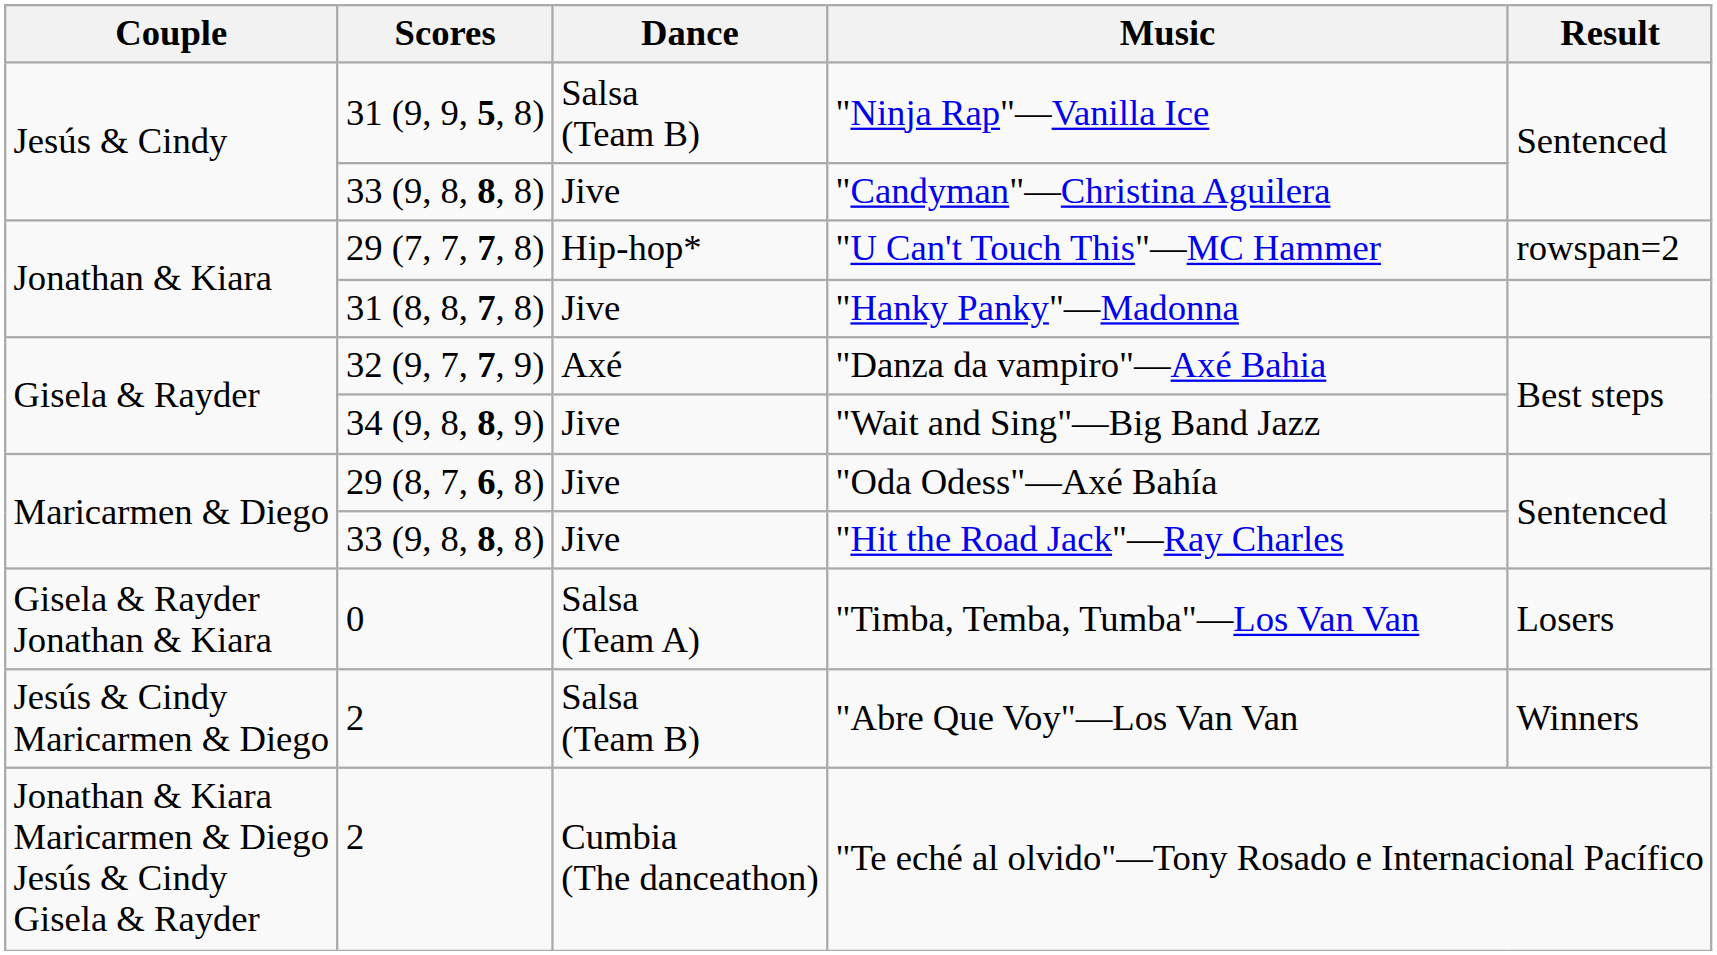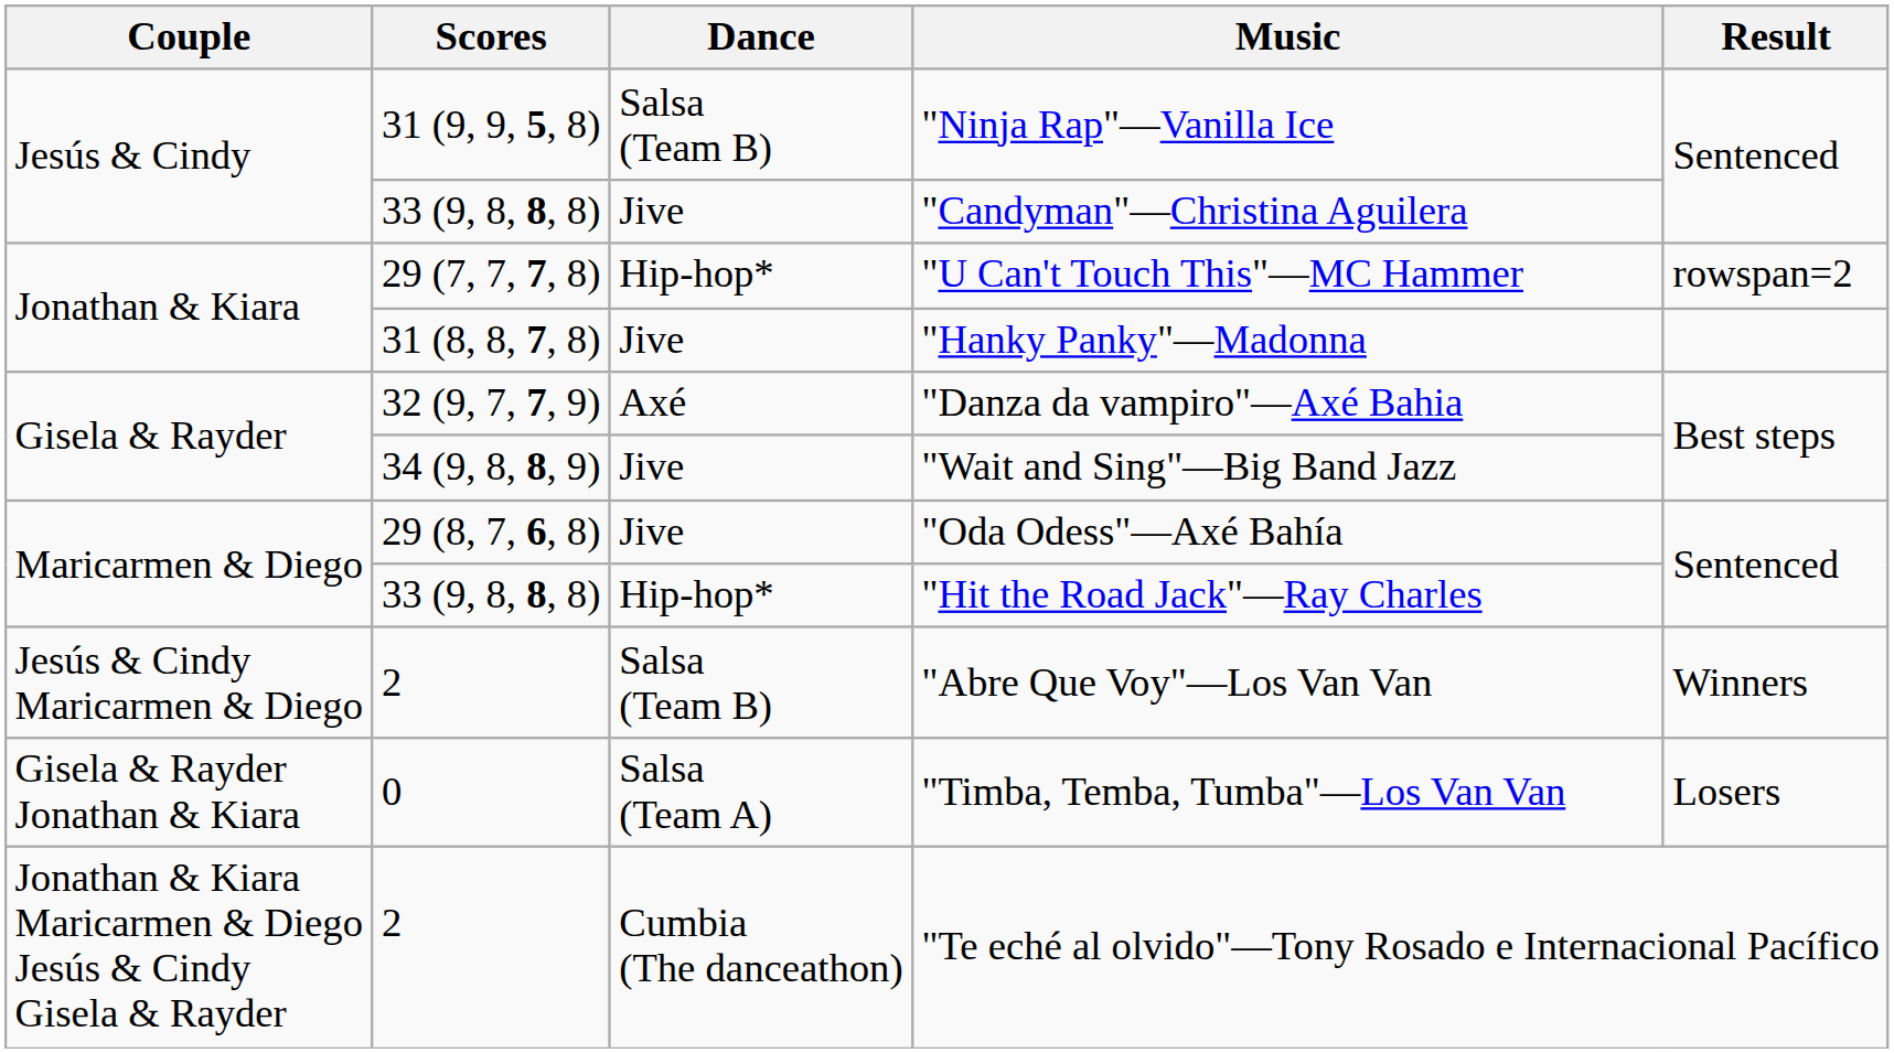 <table class="wikitable sortable" style="width:95%; white-space:nowrap">
 <tr>
 <th style="width:15%;">Couple</th>
 <th style="width:14%;">Scores</th>
 <th style="width:14%;">Dance</th>
 <th style="width:40%;">Music</th>
 <th style="width:12%;">Result</th>
 </tr>
 <tr>
 <td rowspan=2>Jesús & Cindy</td>
 <td>31 (9, 9, <strong>5</strong>, 8)</td>
 <td>Salsa<br>(Team B)</td>
 <td>"<a href='#'>Ninja Rap</a>"—<a href='#'>Vanilla Ice</a></td>
 <td rowspan=2>Sentenced</td>
 </tr>
 <tr>
 <td>33 (9, 8, <strong>8</strong>, 8)</td>
 <td>Jive</td>
 <td>"<a href='#'>Candyman</a>"—<a href='#'>Christina Aguilera</a></td>
 </tr>
 <tr>
 <td rowspan=2>Jonathan & Kiara</td>
 <td>29 (7, 7, <strong>7</strong>, 8)</td>
 <td>Hip-hop*</td>
 <td>"<a href='#'>U Can't Touch This</a>"—<a href='#'>MC Hammer</a></td>
 <td>rowspan=2 </td>
 </tr>
 <tr>
 <td>31 (8, 8, <strong>7</strong>, 8)</td>
 <td>Jive</td>
 <td>"<a href='#'>Hanky Panky</a>"—<a href='#'>Madonna</a></td>
 </tr>
 <tr>
 <td rowspan=2>Gisela & Rayder</td>
 <td>32 (9, 7, <strong>7</strong>, 9)</td>
 <td>Axé</td>
 <td>"Danza da vampiro"—<a href='#'>Axé Bahia</a></td>
 <td rowspan=2>Best steps</td>
 </tr>
 <tr>
 <td>34 (9, 8, <strong>8</strong>, 9)</td>
 <td>Jive</td>
 <td>"Wait and Sing"—Big Band Jazz</td>
 </tr>
 <tr>
 <td rowspan=2>Maricarmen & Diego</td>
 <td>29 (8, 7, <strong>6</strong>, 8)</td>
 <td>Jive</td>
 <td>"Oda Odess"—Axé Bahía</td>
 <td rowspan=2>Sentenced</td>
 </tr>
 <tr>
 <td>33 (9, 8, <strong>8</strong>, 8)</td>
-<td>Jive</td>
+<td>Hip-hop*</td>
 <td>"<a href='#'>Hit the Road Jack</a>"—<a href='#'>Ray Charles</a></td>
+</tr>
+<tr>
+<td>Jesús & Cindy<br>Maricarmen & Diego</td>
+<td>2</td>
+<td>Salsa<br>(Team B)</td>
+<td>"Abre Que Voy"—Los Van Van</td>
+<td>Winners</td>
 </tr>
 <tr>
 <td>Gisela & Rayder<br>Jonathan & Kiara</td>
 <td>0</td>
 <td>Salsa<br>(Team A)</td>
 <td>"Timba, Temba, Tumba"—<a href='#'>Los Van Van</a></td>
 <td>Losers</td>
 </tr>
 <tr>
-<td>Jesús & Cindy<br>Maricarmen & Diego</td>
-<td>2</td>
-<td>Salsa<br>(Team B)</td>
-<td>"Abre Que Voy"—Los Van Van</td>
-<td>Winners</td>
-</tr>
-<tr>
 <td>Jonathan & Kiara<br>Maricarmen & Diego<br>Jesús & Cindy<br>Gisela & Rayder</td>
 <td valign="top"><br>2</td>
 <td>Cumbia<br>(The danceathon)</td>
 <td colspan=2>"Te eché al olvido"—Tony Rosado e Internacional Pacífico</td>
 </tr>
 </table>
